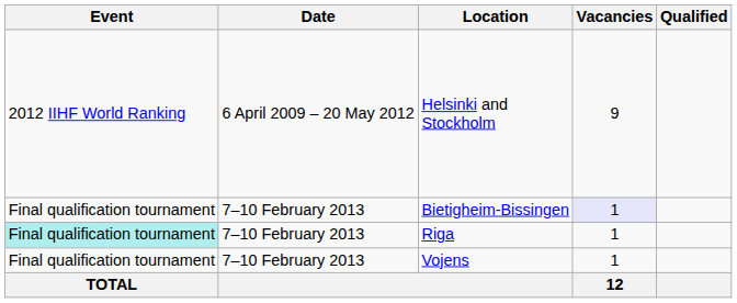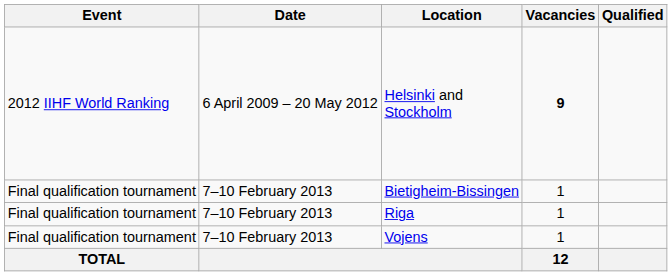 <table class="wikitable">
 <tr>
 <th>Event</th>
 <th>Date</th>
 <th>Location</th>
 <th>Vacancies</th>
 <th>Qualified</th>
 </tr>
 <tr>
 <td>2012 <a href='#'>IIHF World Ranking</a></td>
 <td>6 April 2009 – 20 May 2012</td>
 <td> <a href='#'>Helsinki</a> and<br> <a href='#'>Stockholm</a></td>
-<td align=center>9</td>
+<td align=center><strong>9</strong></td>
 <td><br><br><br><br><br><br><br><br><br></td>
 </tr>
 <tr>
 <td>Final qualification tournament</td>
 <td>7–10 February 2013</td>
 <td> <a href='#'>Bietigheim-Bissingen</a></td>
-<td align=center style="background: lavender;">1</td>
+<td align=center>1</td>
 <td></td>
 </tr>
 <tr>
-<td style="background: paleturquoise;">Final qualification tournament</td>
+<td>Final qualification tournament</td>
 <td>7–10 February 2013</td>
 <td> <a href='#'>Riga</a></td>
 <td align=center>1</td>
 <td></td>
 </tr>
 <tr>
 <td>Final qualification tournament</td>
 <td>7–10 February 2013</td>
 <td> <a href='#'>Vojens</a></td>
 <td align=center>1</td>
 <td></td>
 </tr>
 <tr>
 <th>TOTAL</th>
 <th colspan="2"></th>
 <th>12</th>
 <th></th>
 </tr>
 </table>
